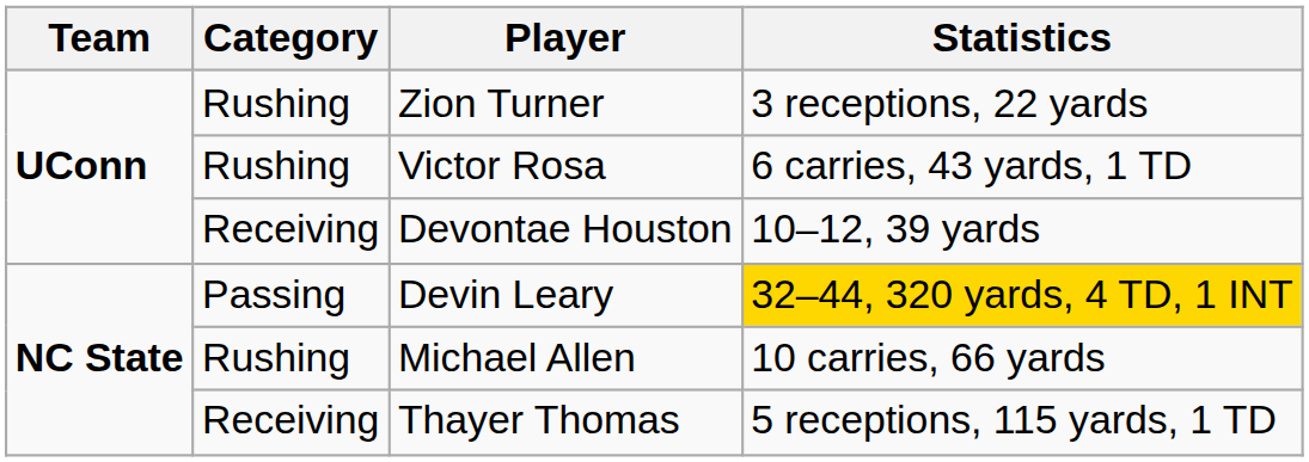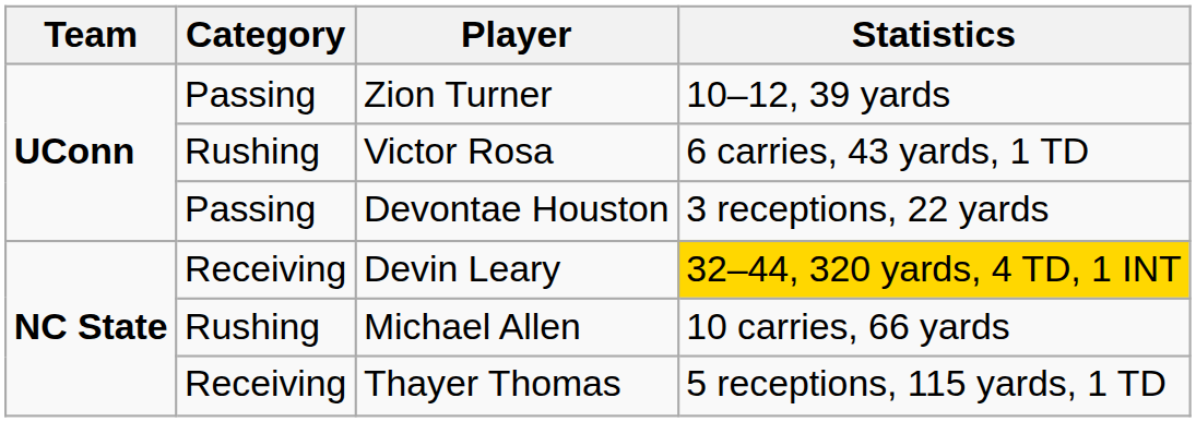 <table class="wikitable" style="float: left;">
 <tr>
 <th>Team</th>
 <th>Category</th>
 <th>Player</th>
 <th>Statistics</th>
 </tr>
 <tr>
 <td rowspan=3><strong>UConn</strong></td>
-<td>Rushing</td>
+<td>Passing</td>
 <td>Zion Turner</td>
-<td>3 receptions, 22 yards</td>
+<td>10–12, 39 yards</td>
 </tr>
 <tr>
 <td>Rushing</td>
 <td>Victor Rosa</td>
 <td>6 carries, 43 yards, 1 TD</td>
 </tr>
 <tr>
-<td>Receiving</td>
+<td>Passing</td>
 <td>Devontae Houston</td>
-<td>10–12, 39 yards</td>
+<td>3 receptions, 22 yards</td>
 </tr>
 <tr>
 <td rowspan=3><strong>NC State</strong></td>
-<td>Passing</td>
+<td>Receiving</td>
 <td>Devin Leary</td>
 <td style="background: gold;">32–44, 320 yards, 4 TD, 1 INT</td>
 </tr>
 <tr>
 <td>Rushing</td>
 <td>Michael Allen</td>
 <td>10 carries, 66 yards</td>
 </tr>
 <tr>
 <td>Receiving</td>
 <td>Thayer Thomas</td>
 <td>5 receptions, 115 yards, 1 TD</td>
 </tr>
 </table>
